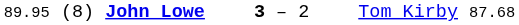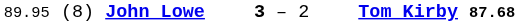 <table style="text-align:center">
 <tr>
 <th width=223></th>
 <th width=100></th>
 <th width=223></th>
 </tr>
 <tr>
 <td align=right><small>89.95</small> (8) <strong><a href='#'>John Lowe</a></strong> </td>
 <td><strong>3</strong> – 2</td>
-<td align=left> <a href='#'>Tom Kirby</a> <small>87.68</small></td>
+<td align=left><strong> <a href='#'>Tom Kirby</a> <small>87.68</small></strong></td>
 </tr>
 </table>
